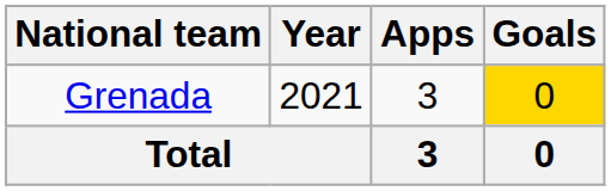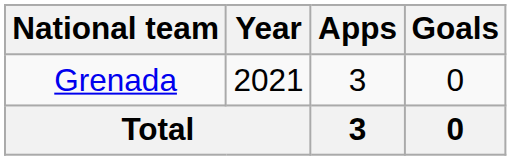 <table class="wikitable" style="text-align:center">
 <tr>
 <th>National team</th>
 <th>Year</th>
 <th>Apps</th>
 <th>Goals</th>
 </tr>
 <tr>
 <td rowspan="1"><a href='#'>Grenada</a></td>
 <td>2021</td>
 <td>3</td>
-<td style="background: gold;">0</td>
+<td>0</td>
 </tr>
 <tr>
 <th colspan="2">Total</th>
 <th>3</th>
 <th>0</th>
 </tr>
 </table>
